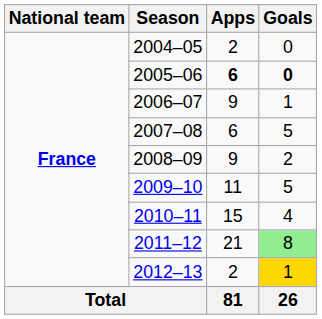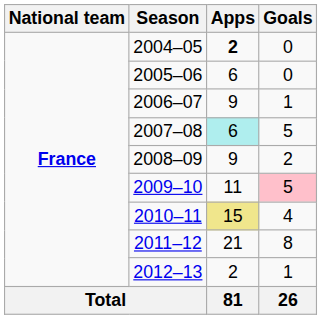 <table class="wikitable" style="text-align:center">
 <tr>
 <th>National team</th>
 <th>Season</th>
 <th>Apps</th>
 <th>Goals</th>
 </tr>
 <tr>
 <td rowspan=9 valign="center"><strong><a href='#'>France</a></strong></td>
 <td>2004–05</td>
-<td>2</td>
+<td><strong>2</strong></td>
 <td>0</td>
 </tr>
 <tr>
 <td>2005–06</td>
-<td><strong>6</strong></td>
-<td><strong>0</strong></td>
+<td>6</td>
+<td>0</td>
 </tr>
 <tr>
 <td>2006–07</td>
 <td>9</td>
 <td>1</td>
 </tr>
 <tr>
 <td>2007–08</td>
-<td>6</td>
+<td style="background: paleturquoise;">6</td>
 <td>5</td>
 </tr>
 <tr>
 <td>2008–09</td>
 <td>9</td>
 <td>2</td>
 </tr>
 <tr>
 <td><a href='#'>2009–10</a></td>
 <td>11</td>
-<td>5</td>
+<td style="background: pink;">5</td>
 </tr>
 <tr>
 <td><a href='#'>2010–11</a></td>
-<td>15</td>
+<td style="background: khaki;">15</td>
 <td>4</td>
 </tr>
 <tr>
 <td><a href='#'>2011–12</a></td>
 <td>21</td>
-<td style="background: lightgreen;">8</td>
+<td>8</td>
 </tr>
 <tr>
 <td><a href='#'>2012–13</a></td>
 <td>2</td>
-<td style="background: gold;">1</td>
+<td>1</td>
 </tr>
 <tr>
 <th colspan=2>Total</th>
 <th>81</th>
 <th>26</th>
 </tr>
 </table>
